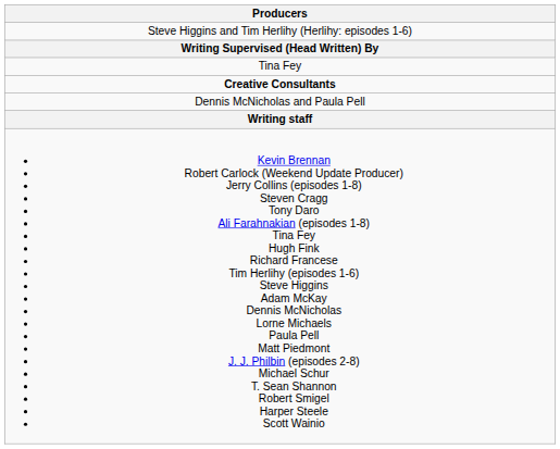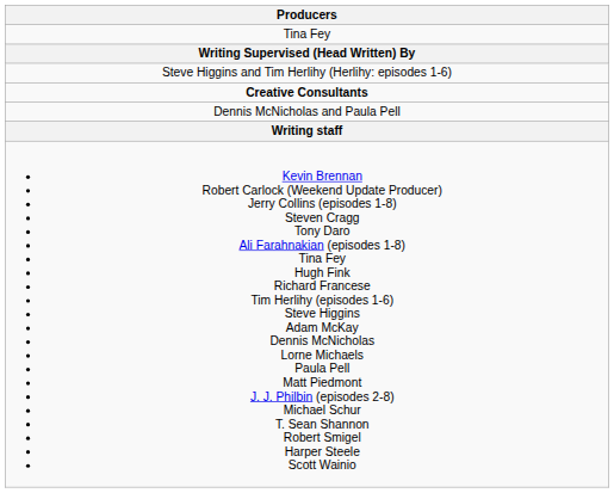 <table class="wikitable plainrowheaders"  style="text-align:center; width:50%;">
 <tr>
 <th><strong>Producers</strong></th>
 </tr>
 <tr>
-<td>Steve Higgins and Tim Herlihy (Herlihy: episodes 1-6)</td>
+<td>Tina Fey</td>
 </tr>
 <tr>
 <th><strong>Writing Supervised (Head Written) By</strong></th>
 </tr>
 <tr>
-<td>Tina Fey</td>
+<td>Steve Higgins and Tim Herlihy (Herlihy: episodes 1-6)</td>
 </tr>
 <tr>
 <td><strong>Creative Consultants</strong></td>
 </tr>
 <tr>
 <td>Dennis McNicholas and Paula Pell</td>
 </tr>
 <tr>
 <th><strong>Writing staff</strong></th>
 </tr>
 <tr>
 <td><br><ul><li><a href='#'>Kevin Brennan</a></li><li>Robert Carlock (Weekend Update Producer)</li><li>Jerry Collins (episodes 1-8)</li><li>Steven Cragg</li><li>Tony Daro</li><li><a href='#'>Ali Farahnakian</a> (episodes 1-8)</li><li>Tina Fey</li><li>Hugh Fink</li><li>Richard Francese</li><li>Tim Herlihy  (episodes 1-6)</li><li>Steve Higgins</li><li>Adam McKay</li><li>Dennis McNicholas</li><li>Lorne Michaels</li><li>Paula Pell</li><li>Matt Piedmont</li><li><a href='#'>J. J. Philbin</a> (episodes 2-8)</li><li>Michael Schur</li><li>T. Sean Shannon</li><li>Robert Smigel</li><li>Harper Steele</li><li>Scott Wainio</li></ul></td>
 </tr>
 </table>
